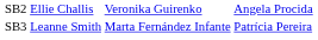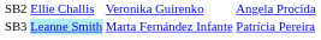 <table>
 <tr>
 <td>SB2</td>
 <td><a href='#'>Ellie Challis</a><br></td>
 <td><a href='#'>Veronika Guirenko</a><br></td>
 <td><a href='#'>Angela Procida</a><br></td>
 </tr>
 <tr>
 <td>SB3</td>
-<td><a href='#'>Leanne Smith</a><br></td>
+<td style="background: paleturquoise;"><a href='#'>Leanne Smith</a><br></td>
 <td><a href='#'>Marta Fernández Infante</a><br></td>
 <td><a href='#'>Patrícia Pereira</a><br></td>
 </tr>
 </table>
